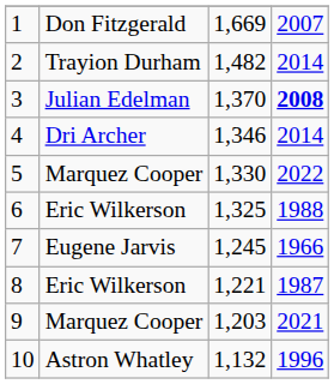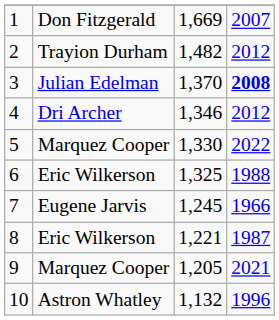 <table class="wikitable" style="display:inline-table;">
 <tr>
 </tr>
 <tr>
 <td>1</td>
 <td>Don Fitzgerald</td>
 <td>1,669</td>
 <td><a href='#'>2007</a></td>
 </tr>
 <tr>
 <td>2</td>
 <td>Trayion Durham</td>
 <td>1,482</td>
-<td><a href='#'>2014</a></td>
+<td><a href='#'>2012</a></td>
 </tr>
 <tr>
 <td>3</td>
 <td><a href='#'>Julian Edelman</a></td>
 <td>1,370</td>
 <td><strong><a href='#'>2008</a></strong></td>
 </tr>
 <tr>
 <td>4</td>
 <td><a href='#'>Dri Archer</a></td>
 <td>1,346</td>
-<td><a href='#'>2014</a></td>
+<td><a href='#'>2012</a></td>
 </tr>
 <tr>
 <td>5</td>
 <td>Marquez Cooper</td>
 <td>1,330</td>
 <td><a href='#'>2022</a></td>
 </tr>
 <tr>
 <td>6</td>
 <td>Eric Wilkerson</td>
 <td>1,325</td>
 <td><a href='#'>1988</a></td>
 </tr>
 <tr>
 <td>7</td>
 <td>Eugene Jarvis</td>
 <td>1,245</td>
 <td><a href='#'>1966</a></td>
 </tr>
 <tr>
 <td>8</td>
 <td>Eric Wilkerson</td>
 <td>1,221</td>
 <td><a href='#'>1987</a></td>
 </tr>
 <tr>
 <td>9</td>
 <td>Marquez Cooper</td>
-<td>1,203</td>
+<td>1,205</td>
 <td><a href='#'>2021</a></td>
 </tr>
 <tr>
 <td>10</td>
 <td>Astron Whatley</td>
 <td>1,132</td>
 <td><a href='#'>1996</a></td>
 </tr>
 </table>
